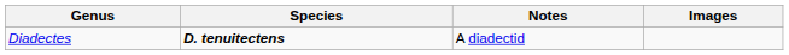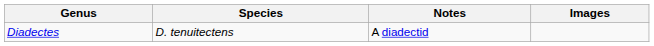 <table class="wikitable" align="center" width="100%">
 <tr>
 <th>Genus</th>
 <th>Species</th>
 <th>Notes</th>
 <th>Images</th>
 </tr>
 <tr>
 <td><em><a href='#'>Diadectes</a></em></td>
-<td><strong><em>D. tenuitectens</em></strong></td>
+<td><em>D. tenuitectens</em></td>
 <td>A <a href='#'>diadectid</a></td>
 <td rowspan="99"><br></td>
 </tr>
 </table>
